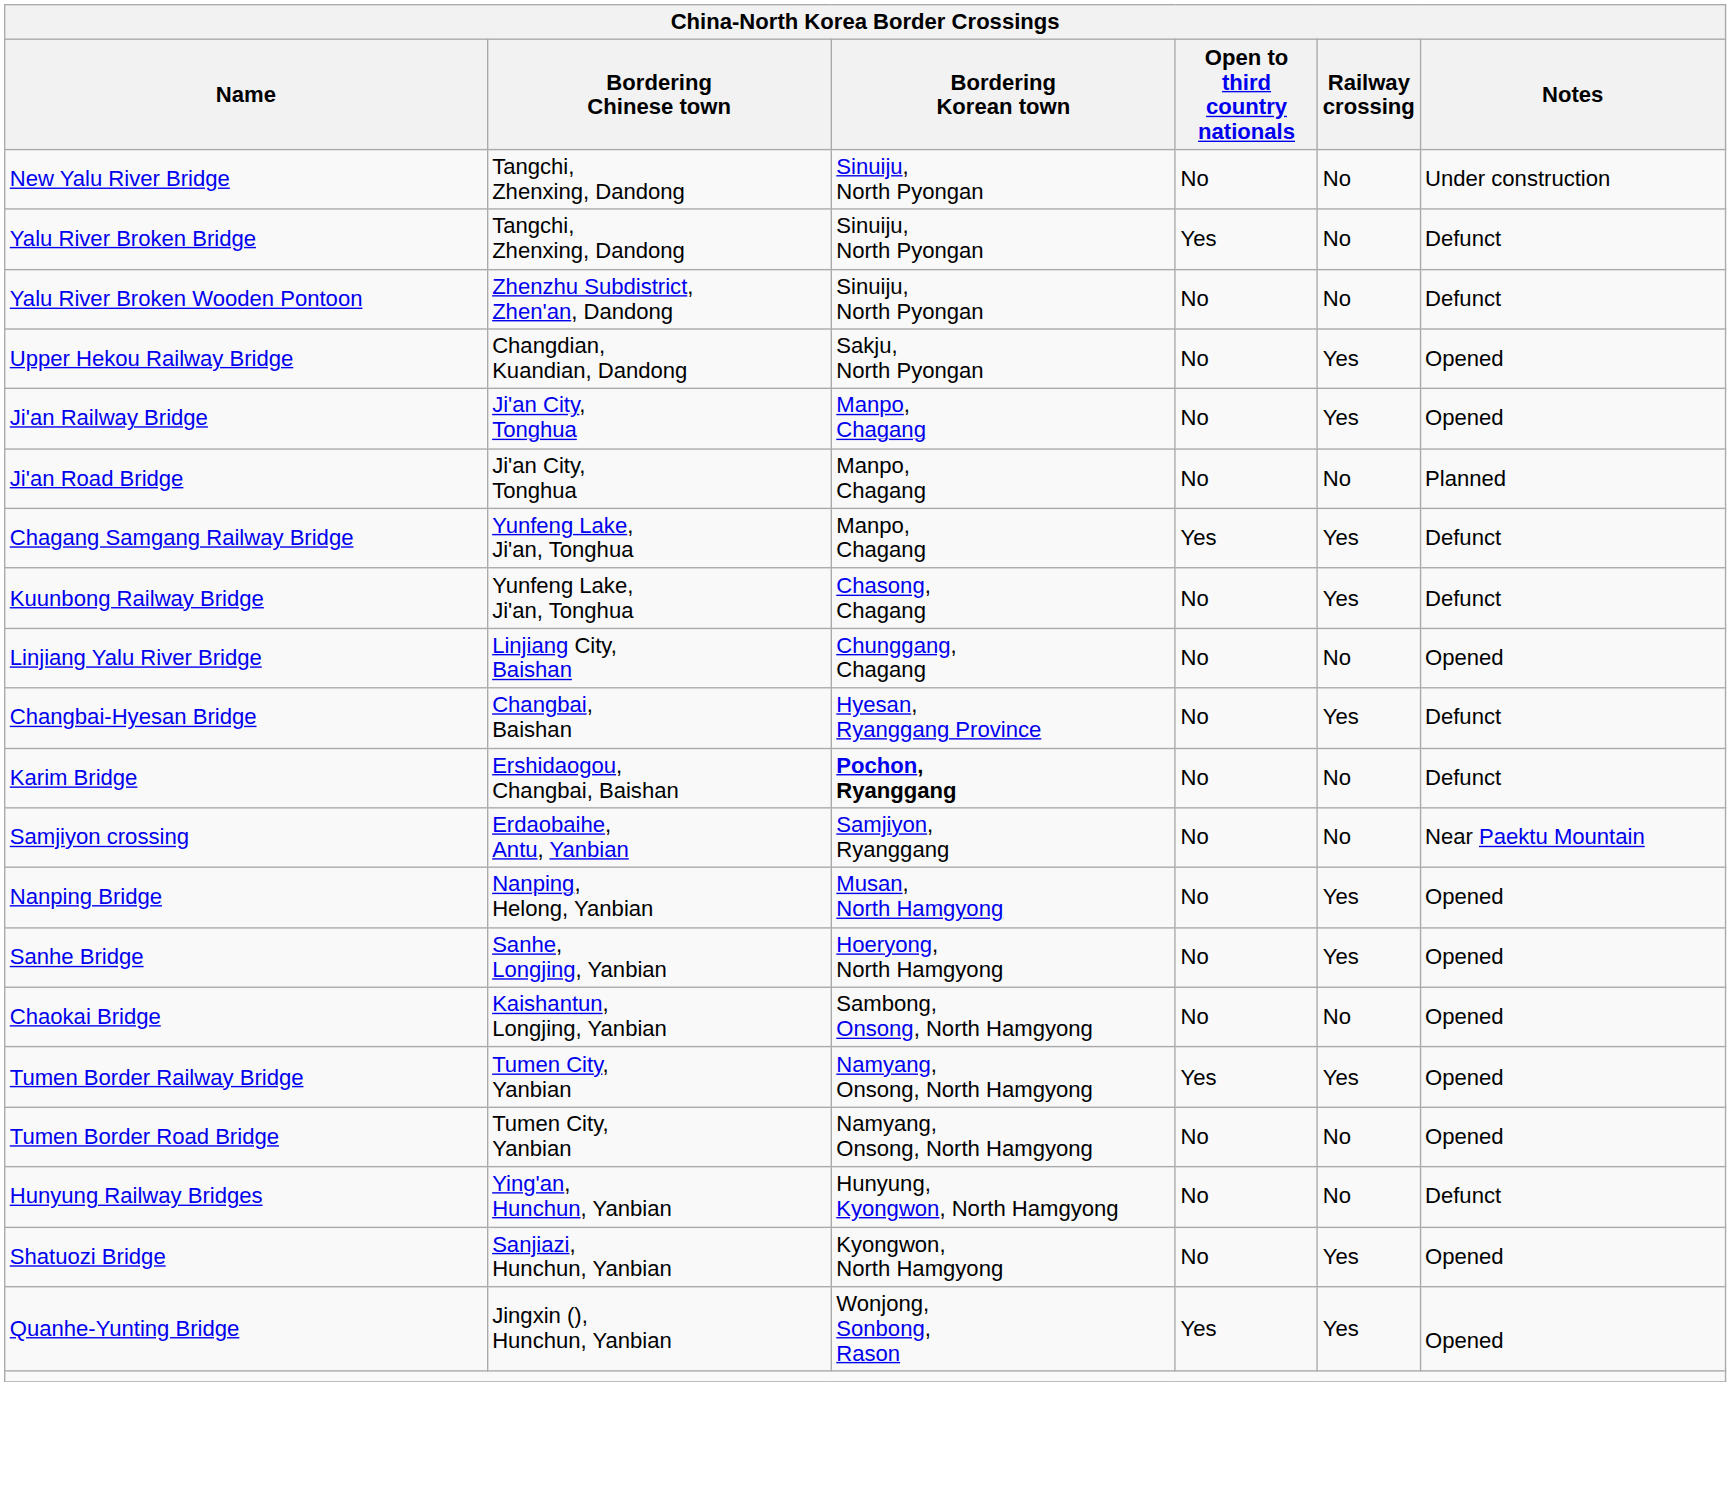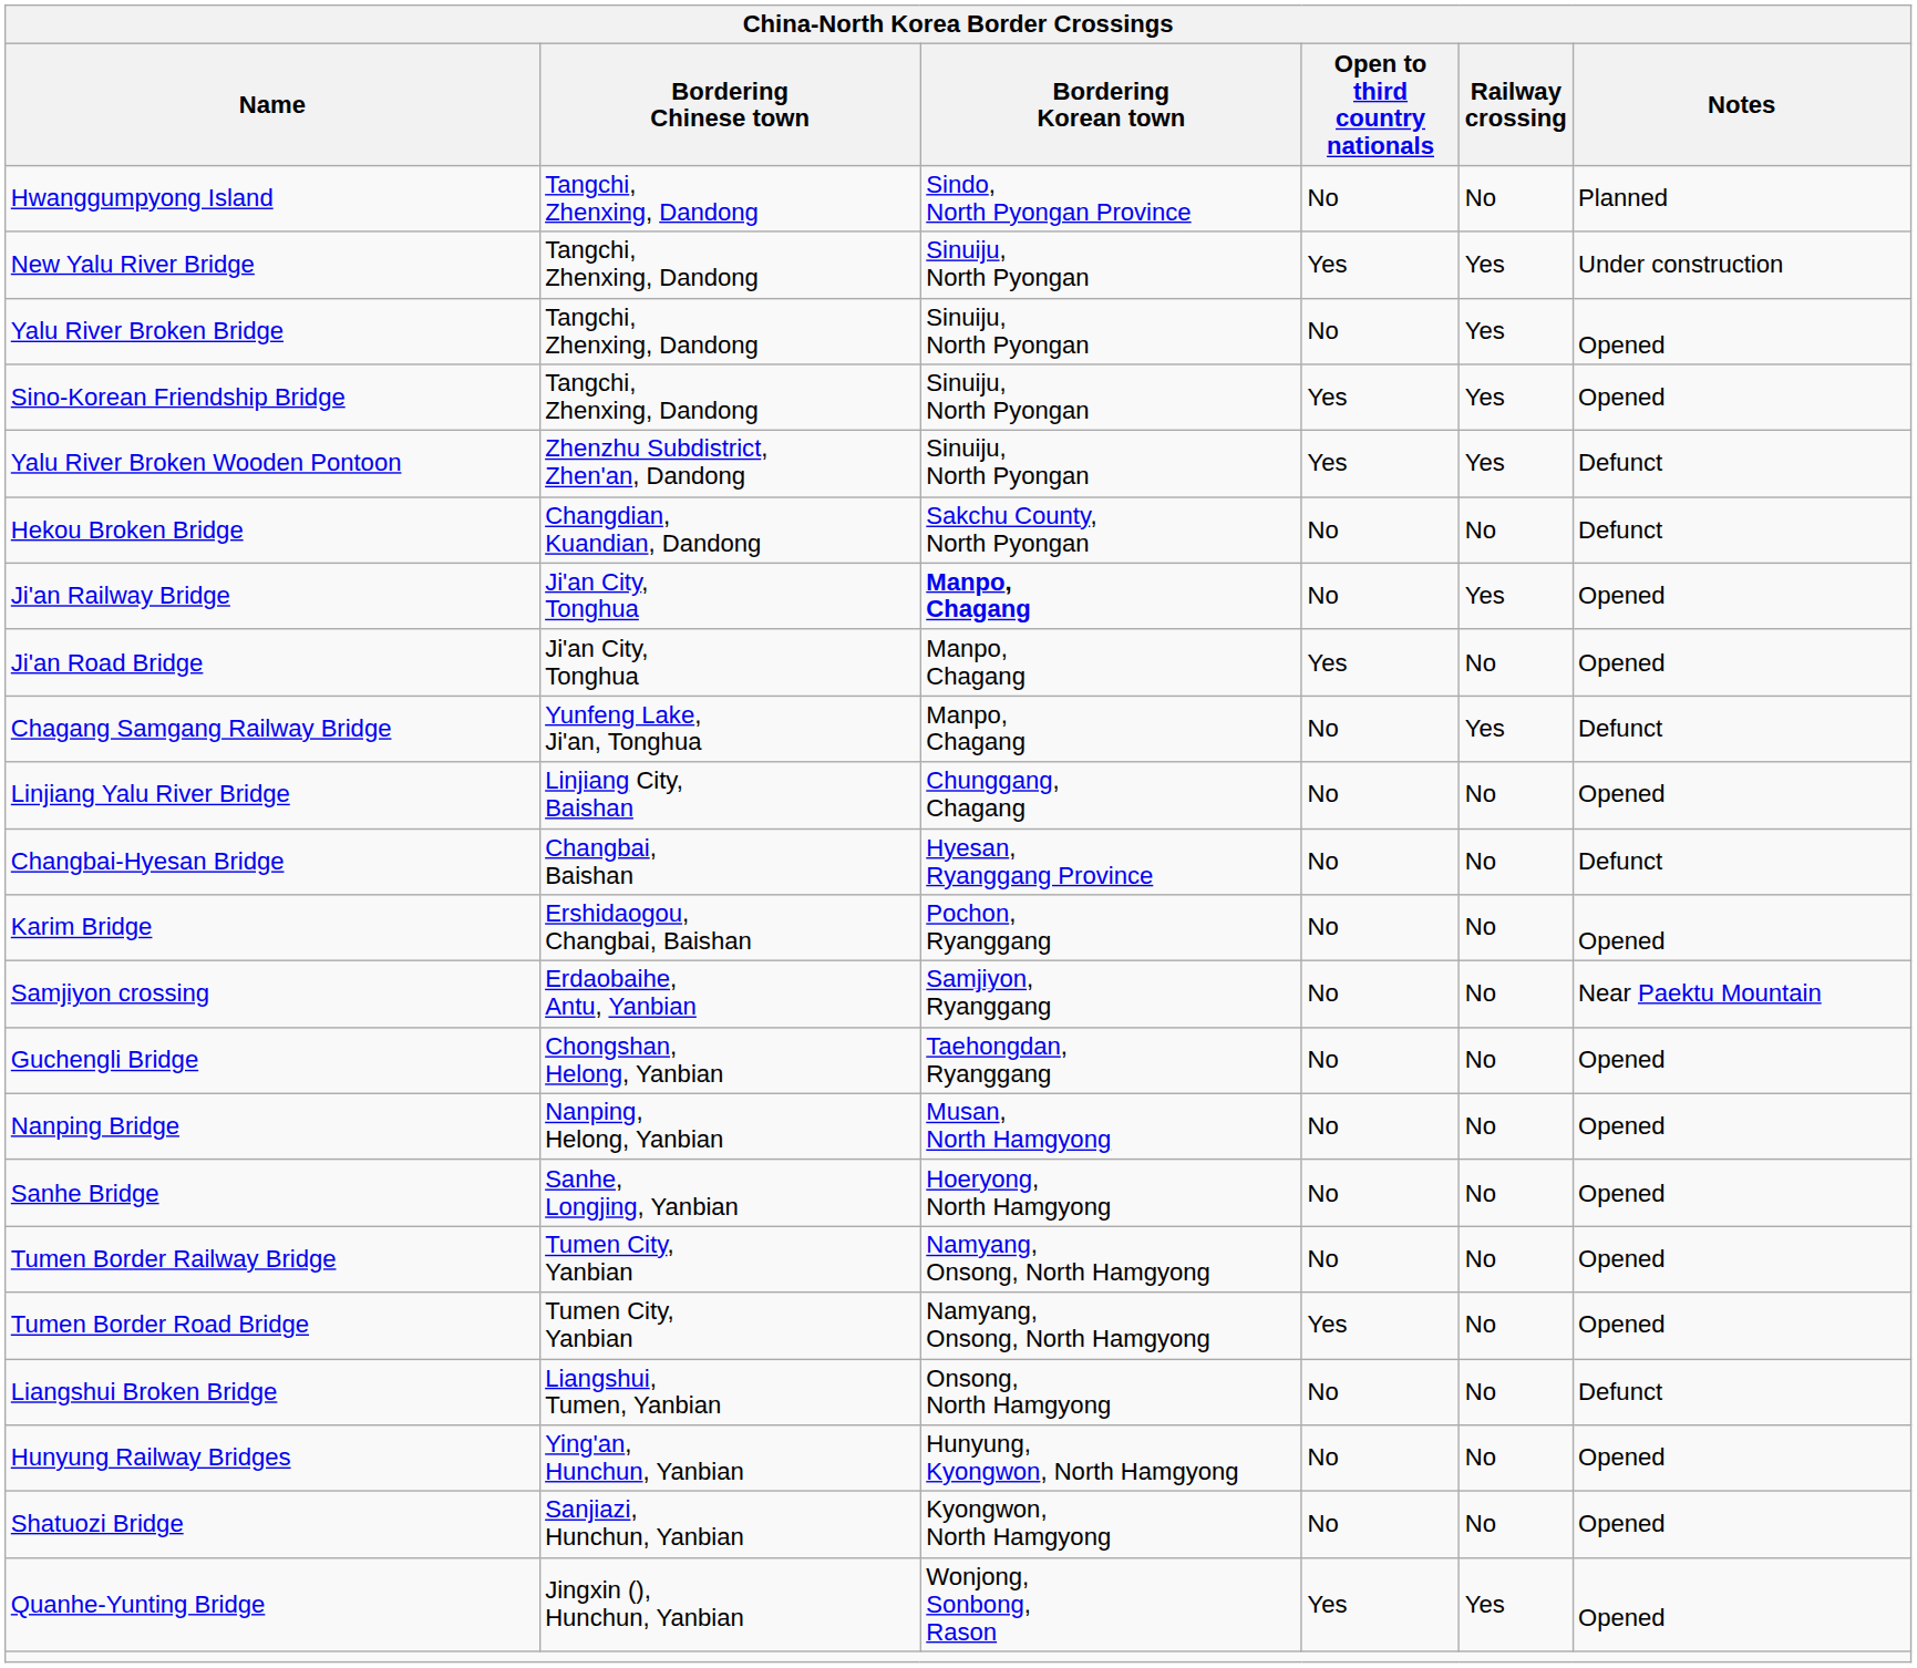 <table class="wikitable">
 <tr>
 <th colspan=6>China-North Korea Border Crossings</th>
 </tr>
 <tr>
 <th>Name</th>
 <th style="width: 20%">Bordering<br>Chinese town</th>
 <th style="width: 20%">Bordering<br>Korean town</th>
 <th>Open to<br><a href='#'>third<br>country<br>nationals</a></th>
 <th style="width: 5%">Railway crossing</th>
 <th>Notes</th>
 </tr>
 <tr>
+<td><a href='#'>Hwanggumpyong Island</a></td>
+<td><a href='#'>Tangchi</a>,<br><a href='#'>Zhenxing</a>, <a href='#'>Dandong</a></td>
+<td><a href='#'>Sindo</a>,<br> <a href='#'>North Pyongan Province</a></td>
+<td>No</td>
+<td>No</td>
+<td>Planned</td>
+</tr>
+<tr>
 <td><a href='#'>New Yalu River Bridge</a></td>
 <td>Tangchi,<br>Zhenxing, Dandong</td>
 <td><a href='#'>Sinuiju</a>,<br>North Pyongan</td>
-<td>No</td>
-<td>No</td>
+<td>Yes</td>
+<td>Yes</td>
 <td>Under construction</td>
 </tr>
 <tr>
 <td><a href='#'>Yalu River Broken Bridge</a></td>
 <td>Tangchi,<br>Zhenxing, Dandong</td>
 <td>Sinuiju,<br>North Pyongan</td>
+<td>No</td>
 <td>Yes</td>
-<td>No</td>
-<td>Defunct</td>
+<td><br>Opened</td>
+</tr>
+<tr>
+<td><a href='#'>Sino-Korean Friendship Bridge</a></td>
+<td>Tangchi,<br>Zhenxing, Dandong</td>
+<td>Sinuiju,<br>North Pyongan</td>
+<td>Yes</td>
+<td>Yes</td>
+<td>Opened</td>
 </tr>
 <tr>
 <td><a href='#'>Yalu River Broken Wooden Pontoon</a></td>
 <td><a href='#'>Zhenzhu Subdistrict</a>,<br><a href='#'>Zhen'an</a>, Dandong</td>
 <td>Sinuiju,<br>North Pyongan</td>
+<td>Yes</td>
+<td>Yes</td>
+<td>Defunct</td>
+</tr>
+<tr>
+<td><a href='#'>Hekou Broken Bridge</a></td>
+<td><a href='#'>Changdian</a>,<br><a href='#'>Kuandian</a>, Dandong</td>
+<td><a href='#'>Sakchu County</a>,<br>North Pyongan</td>
 <td>No</td>
 <td>No</td>
 <td>Defunct</td>
 </tr>
 <tr>
-<td><a href='#'>Upper Hekou Railway Bridge</a></td>
-<td>Changdian,<br>Kuandian, Dandong</td>
-<td>Sakju,<br>North Pyongan</td>
-<td>No</td>
-<td>Yes</td>
-<td>Opened</td>
-</tr>
-<tr>
 <td><a href='#'>Ji'an Railway Bridge</a></td>
 <td><a href='#'>Ji'an City</a>,<br><a href='#'>Tonghua</a></td>
-<td><a href='#'>Manpo</a>,<br><a href='#'>Chagang</a></td>
+<td><strong><a href='#'>Manpo</a>,<br><a href='#'>Chagang</a></strong></td>
 <td>No</td>
 <td>Yes</td>
 <td>Opened</td>
 </tr>
 <tr>
 <td><a href='#'>Ji'an Road Bridge</a></td>
 <td>Ji'an City,<br>Tonghua</td>
 <td>Manpo,<br>Chagang</td>
+<td>Yes</td>
 <td>No</td>
-<td>No</td>
-<td>Planned</td>
+<td>Opened</td>
 </tr>
 <tr>
 <td><a href='#'>Chagang Samgang Railway Bridge</a></td>
 <td><a href='#'>Yunfeng Lake</a>,<br>Ji'an, Tonghua</td>
 <td>Manpo,<br>Chagang</td>
-<td>Yes</td>
-<td>Yes</td>
-<td>Defunct</td>
-</tr>
-<tr>
-<td><a href='#'>Kuunbong Railway Bridge</a></td>
-<td>Yunfeng Lake,<br>Ji'an, Tonghua</td>
-<td><a href='#'>Chasong</a>,<br>Chagang</td>
 <td>No</td>
 <td>Yes</td>
 <td>Defunct</td>
 </tr>
 <tr>
 <td><a href='#'>Linjiang Yalu River Bridge</a></td>
 <td><a href='#'>Linjiang</a> City,<br><a href='#'>Baishan</a></td>
 <td><a href='#'>Chunggang</a>,<br>Chagang</td>
 <td>No</td>
 <td>No</td>
 <td>Opened</td>
 </tr>
 <tr>
 <td><a href='#'>Changbai-Hyesan Bridge</a></td>
 <td><a href='#'>Changbai</a>,<br>Baishan</td>
 <td><a href='#'>Hyesan</a>,<br><a href='#'>Ryanggang Province</a></td>
 <td>No</td>
-<td>Yes</td>
+<td>No</td>
 <td>Defunct</td>
 </tr>
 <tr>
 <td><a href='#'>Karim Bridge</a></td>
 <td><a href='#'>Ershidaogou</a>,<br>Changbai, Baishan</td>
-<td><strong><a href='#'>Pochon</a>,<br>Ryanggang</strong></td>
+<td><a href='#'>Pochon</a>,<br>Ryanggang</td>
 <td>No</td>
 <td>No</td>
-<td>Defunct</td>
+<td><br>Opened</td>
 </tr>
 <tr>
 <td><a href='#'>Samjiyon crossing</a></td>
 <td><a href='#'>Erdaobaihe</a>,<br><a href='#'>Antu</a>, <a href='#'>Yanbian</a></td>
 <td><a href='#'>Samjiyon</a>,<br>Ryanggang</td>
 <td>No</td>
 <td>No</td>
 <td>Near <a href='#'>Paektu Mountain</a></td>
 </tr>
 <tr>
+<td><a href='#'>Guchengli Bridge</a></td>
+<td><a href='#'>Chongshan</a>,<br><a href='#'>Helong</a>, Yanbian</td>
+<td><a href='#'>Taehongdan</a>,<br>Ryanggang</td>
+<td>No</td>
+<td>No</td>
+<td>Opened</td>
+</tr>
+<tr>
 <td><a href='#'>Nanping Bridge</a></td>
 <td><a href='#'>Nanping</a>,<br>Helong, Yanbian</td>
 <td><a href='#'>Musan</a>,<br><a href='#'>North Hamgyong</a></td>
 <td>No</td>
-<td>Yes</td>
+<td>No</td>
 <td>Opened</td>
 </tr>
 <tr>
 <td><a href='#'>Sanhe Bridge</a></td>
 <td><a href='#'>Sanhe</a>,<br><a href='#'>Longjing</a>, Yanbian</td>
 <td><a href='#'>Hoeryong</a>,<br>North Hamgyong</td>
-<td>No</td>
-<td>Yes</td>
-<td>Opened</td>
-</tr>
-<tr>
-<td><a href='#'>Chaokai Bridge</a></td>
-<td><a href='#'>Kaishantun</a>,<br>Longjing, Yanbian</td>
-<td>Sambong,<br><a href='#'>Onsong</a>, North Hamgyong</td>
 <td>No</td>
 <td>No</td>
 <td>Opened</td>
 </tr>
 <tr>
 <td><a href='#'>Tumen Border Railway Bridge</a></td>
 <td><a href='#'>Tumen City</a>,<br>Yanbian</td>
 <td><a href='#'>Namyang</a>,<br>Onsong, North Hamgyong</td>
-<td>Yes</td>
-<td>Yes</td>
+<td>No</td>
+<td>No</td>
 <td>Opened</td>
 </tr>
 <tr>
 <td><a href='#'>Tumen Border Road Bridge</a></td>
 <td>Tumen City,<br>Yanbian</td>
 <td>Namyang,<br>Onsong, North Hamgyong</td>
+<td>Yes</td>
+<td>No</td>
+<td>Opened</td>
+</tr>
+<tr>
+<td><a href='#'>Liangshui Broken Bridge</a></td>
+<td><a href='#'>Liangshui</a>,<br>Tumen, Yanbian</td>
+<td>Onsong,<br>North Hamgyong</td>
 <td>No</td>
 <td>No</td>
-<td>Opened</td>
+<td>Defunct</td>
 </tr>
 <tr>
 <td><a href='#'>Hunyung Railway Bridges</a></td>
 <td><a href='#'>Ying'an</a>,<br><a href='#'>Hunchun</a>, Yanbian</td>
 <td>Hunyung,<br><a href='#'>Kyongwon</a>, North Hamgyong</td>
 <td>No</td>
 <td>No</td>
-<td>Defunct</td>
+<td>Opened</td>
 </tr>
 <tr>
 <td><a href='#'>Shatuozi Bridge</a></td>
 <td><a href='#'>Sanjiazi</a>,<br>Hunchun, Yanbian</td>
 <td>Kyongwon,<br>North Hamgyong</td>
 <td>No</td>
-<td>Yes</td>
+<td>No</td>
 <td>Opened</td>
 </tr>
 <tr>
 <td><a href='#'>Quanhe-Yunting Bridge</a></td>
 <td>Jingxin (),<br>Hunchun, Yanbian</td>
 <td>Wonjong,<br><a href='#'>Sonbong</a>,<br><a href='#'>Rason</a></td>
 <td>Yes</td>
 <td>Yes</td>
 <td><br>Opened</td>
 </tr>
 <tr>
 <td colspan=6></td>
 </tr>
 </table>
